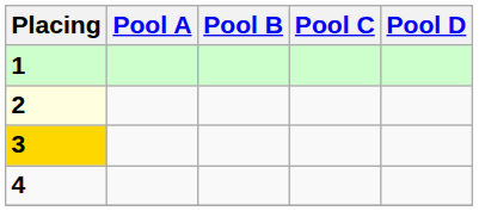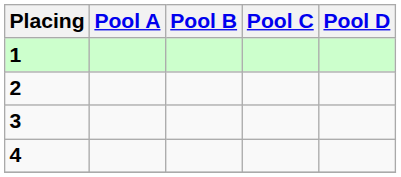 <table class=wikitable style="border:1px solid #AAAAAA;">
 <tr>
 <th>Placing</th>
 <th><a href='#'>Pool A</a></th>
 <th><a href='#'>Pool B</a></th>
 <th><a href='#'>Pool C</a></th>
 <th><a href='#'>Pool D</a></th>
 </tr>
 <tr style="background: #ccffcc;">
 <td><strong>1</strong></td>
 <td></td>
 <td></td>
 <td></td>
 <td></td>
 </tr>
 <tr>
-<td style="background: lightyellow;"><strong>2</strong></td>
+<td><strong>2</strong></td>
 <td></td>
 <td></td>
 <td></td>
 <td></td>
 </tr>
 <tr>
-<td style="background: gold;"><strong>3</strong></td>
+<td><strong>3</strong></td>
 <td></td>
 <td></td>
 <td></td>
 <td></td>
 </tr>
 <tr>
 <td><strong>4</strong></td>
 <td> </td>
 <td> </td>
 <td></td>
 <td></td>
 </tr>
 <tr>
 </tr>
 </table>
